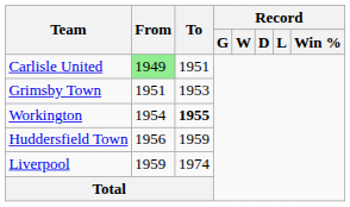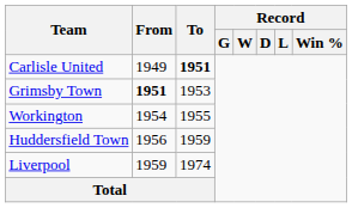 <table class="wikitable" style="text-align: center">
 <tr>
 <th rowspan="2">Team</th>
 <th rowspan="2">From</th>
 <th rowspan="2">To</th>
 <th colspan="9">Record</th>
 </tr>
 <tr>
 <th>G</th>
 <th>W</th>
 <th>D</th>
 <th>L</th>
 <th>Win %</th>
 </tr>
 <tr>
 <td align="left"><a href='#'>Carlisle United</a></td>
-<td align="left" style="background: lightgreen;">1949</td>
-<td align="left">1951<br></td>
+<td align="left">1949</td>
+<td align="left"><strong>1951<br></strong></td>
 </tr>
 <tr>
 <td align="left"><a href='#'>Grimsby Town</a></td>
-<td align="left">1951</td>
+<td align="left"><strong>1951</strong></td>
 <td align="left">1953<br></td>
 </tr>
 <tr>
 <td align="left"><a href='#'>Workington</a></td>
 <td align="left">1954</td>
-<td align="left"><strong>1955<br></strong></td>
+<td align="left">1955<br></td>
 </tr>
 <tr>
 <td align="left"><a href='#'>Huddersfield Town</a></td>
 <td align="left">1956</td>
 <td align="left">1959<br></td>
 </tr>
 <tr>
 <td align="left"><a href='#'>Liverpool</a></td>
 <td align="left">1959</td>
 <td align="left">1974<br></td>
 </tr>
 <tr>
 <th colspan="3">Total<br></th>
 </tr>
 </table>
